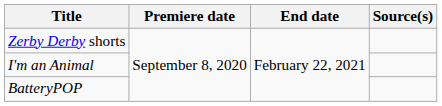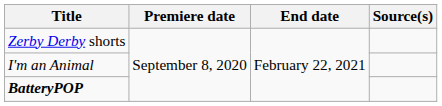 <table class="wikitable sortable">
 <tr>
 <th>Title</th>
 <th>Premiere date</th>
 <th>End date</th>
 <th>Source(s)</th>
 </tr>
 <tr>
 <td><em><a href='#'>Zerby Derby</a></em> shorts</td>
 <td rowspan=3>September 8, 2020</td>
 <td rowspan=3>February 22, 2021</td>
 <td></td>
 </tr>
 <tr>
 <td><em>I'm an Animal</em></td>
 <td></td>
 </tr>
 <tr>
-<td><em>BatteryPOP</em></td>
+<td><strong><em>BatteryPOP</em></strong></td>
 <td></td>
 </tr>
 </table>
